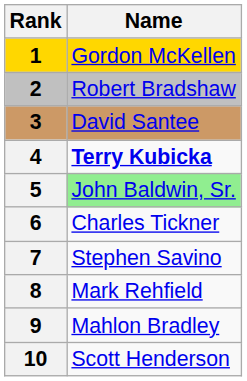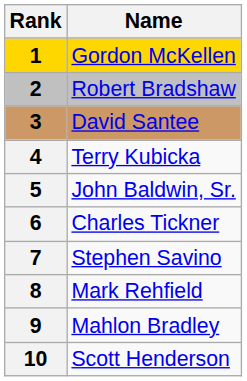 <table class="wikitable">
 <tr>
 <th>Rank</th>
 <th>Name</th>
 </tr>
 <tr bgcolor="gold">
 <td align="center"><strong>1</strong></td>
 <td><a href='#'>Gordon McKellen</a></td>
 </tr>
 <tr bgcolor="silver">
 <td align="center"><strong>2</strong></td>
 <td><a href='#'>Robert Bradshaw</a></td>
 </tr>
 <tr bgcolor="cc9966">
 <td align="center"><strong>3</strong></td>
 <td><a href='#'>David Santee</a></td>
 </tr>
 <tr>
 <th>4</th>
-<td><strong><a href='#'>Terry Kubicka</a></strong></td>
+<td><a href='#'>Terry Kubicka</a></td>
 </tr>
 <tr>
 <th>5</th>
-<td style="background: lightgreen;"><a href='#'>John Baldwin, Sr.</a></td>
+<td><a href='#'>John Baldwin, Sr.</a></td>
 </tr>
 <tr>
 <th>6</th>
 <td><a href='#'>Charles Tickner</a></td>
 </tr>
 <tr>
 <th>7</th>
 <td><a href='#'>Stephen Savino</a></td>
 </tr>
 <tr>
 <th>8</th>
 <td><a href='#'>Mark Rehfield</a></td>
 </tr>
 <tr>
 <th>9</th>
 <td><a href='#'>Mahlon Bradley</a></td>
 </tr>
 <tr>
 <th>10</th>
 <td><a href='#'>Scott Henderson</a></td>
 </tr>
 </table>
